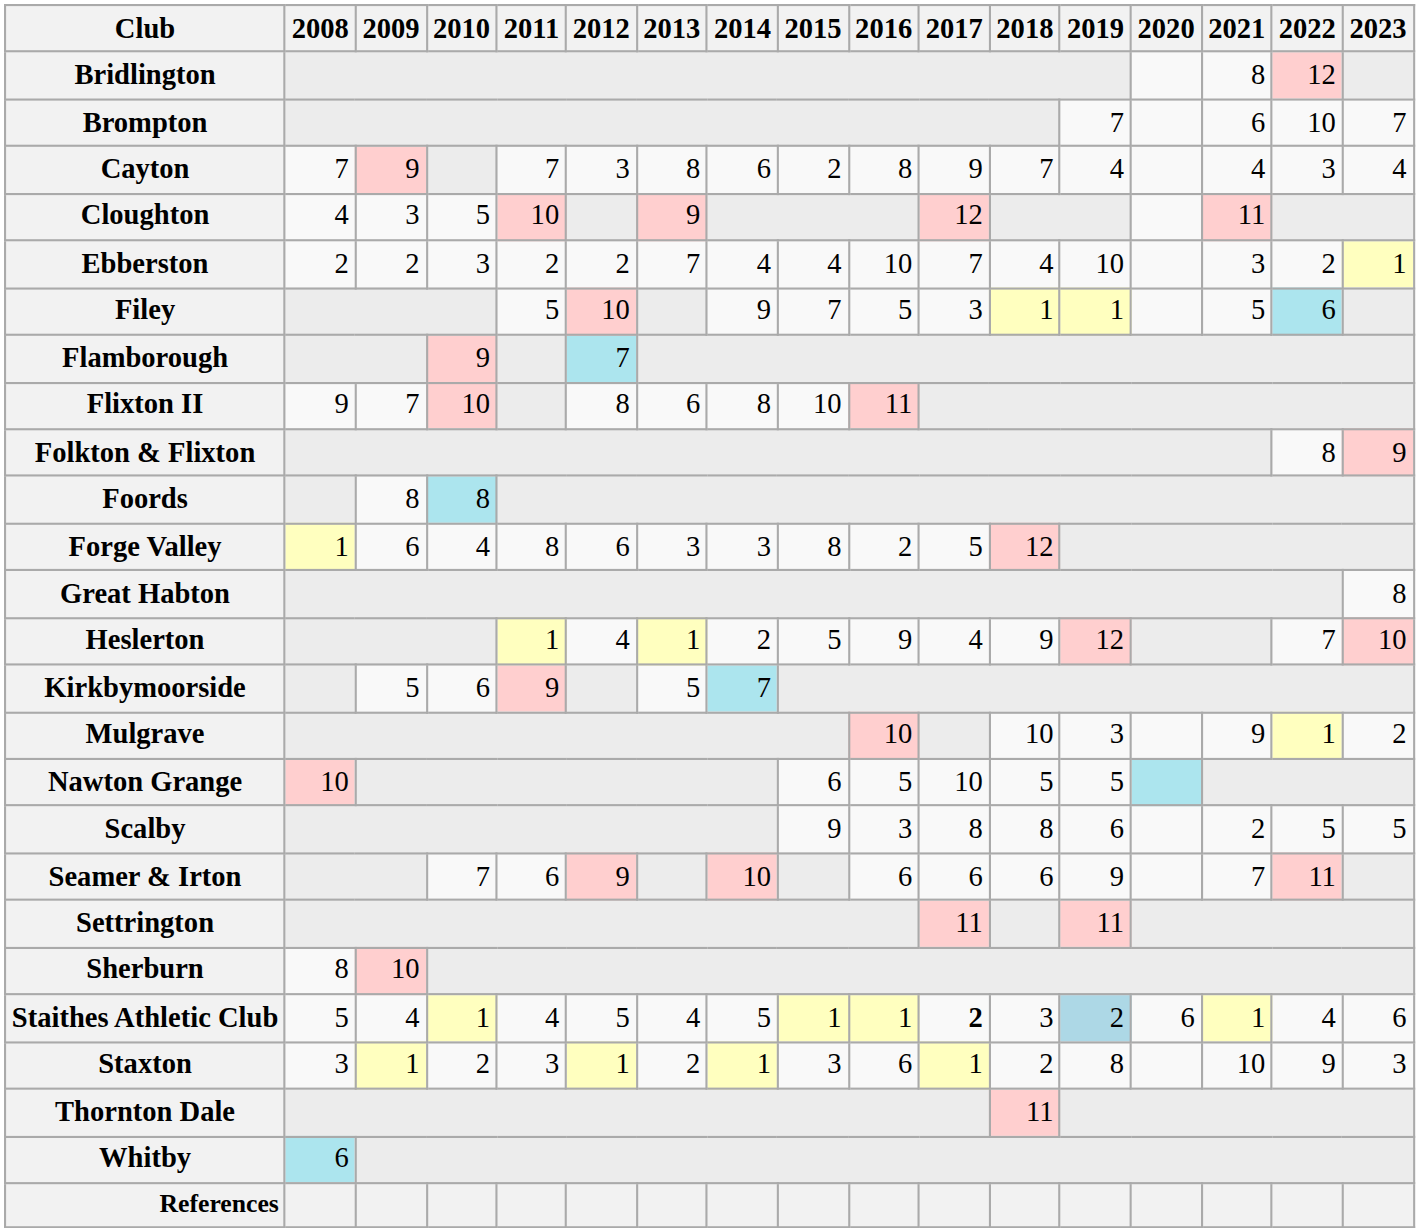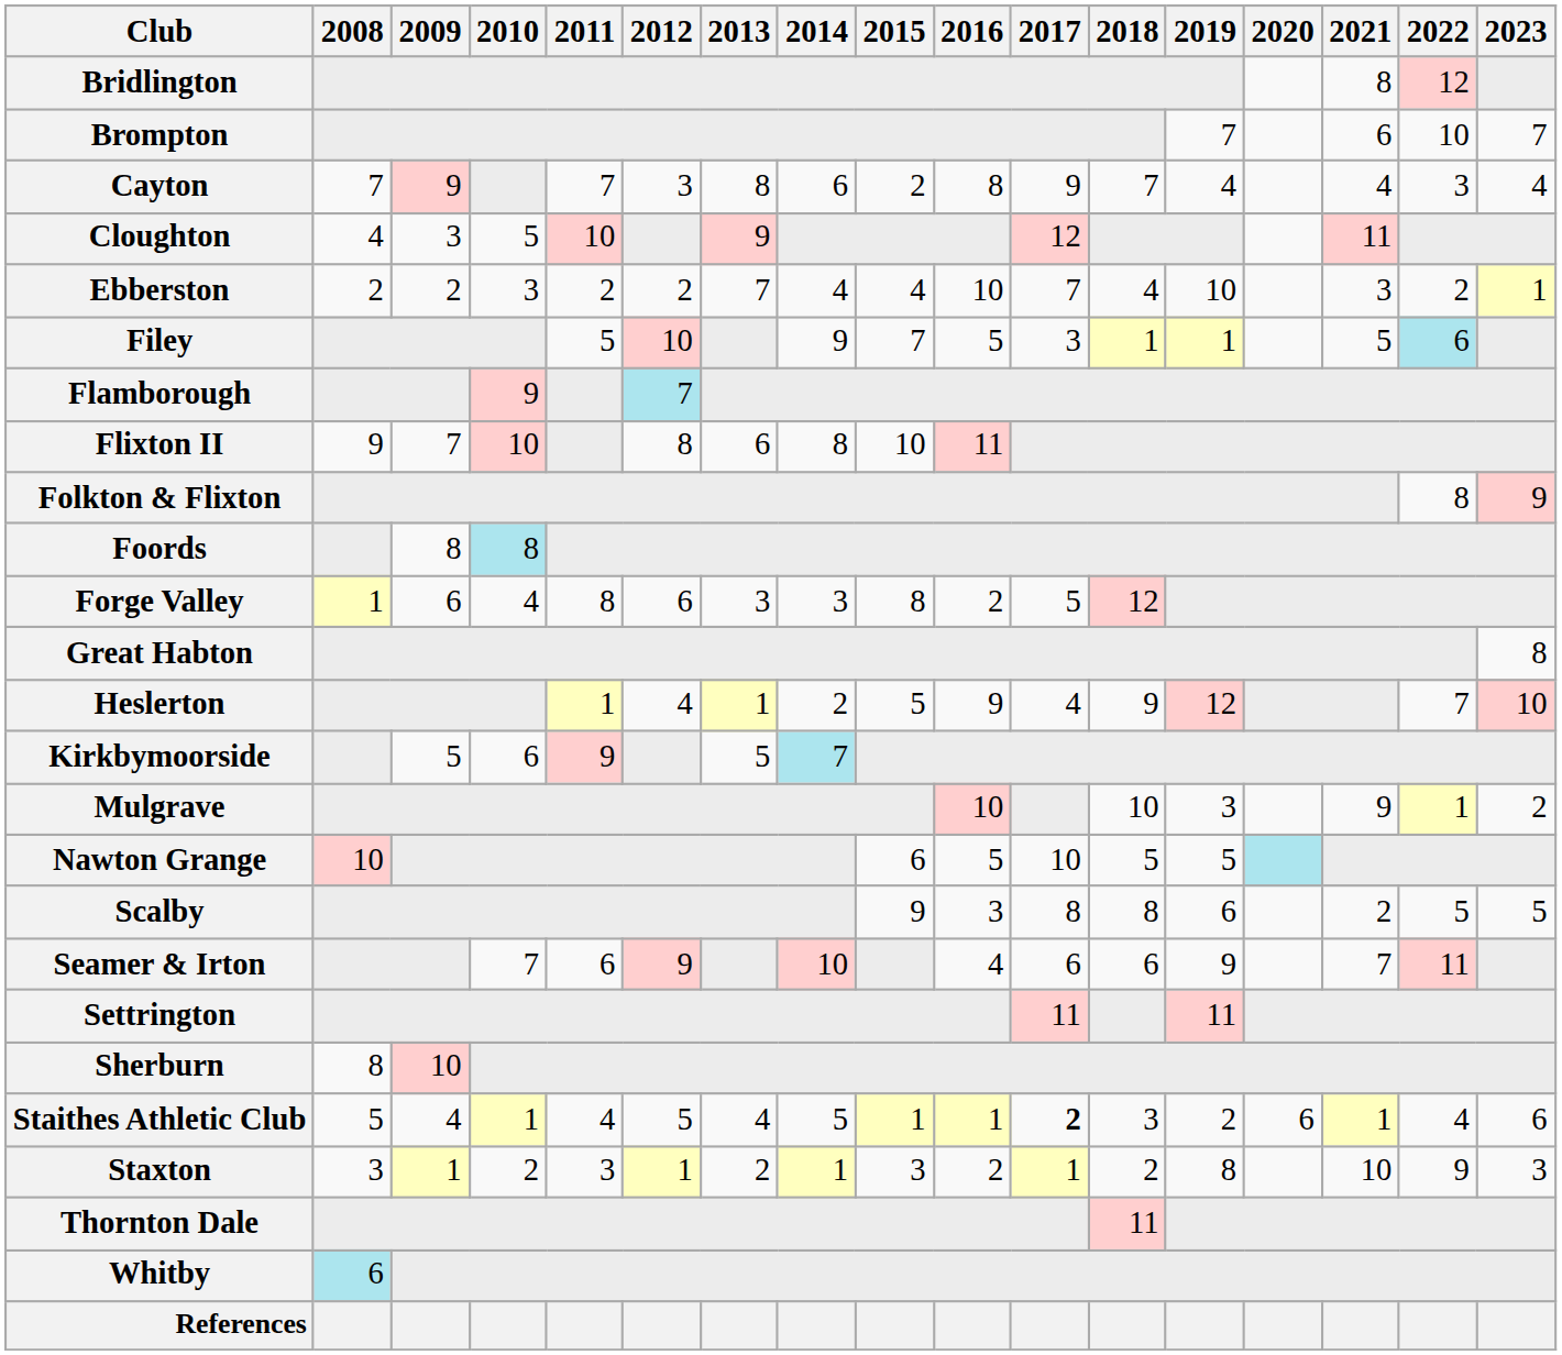 <table class="wikitable plainrowheaders" style="font-size:85%; text-align: right;">
 <tr>
 <th scope="col">Club</th>
 <th scope="col">2008</th>
 <th scope="col">2009</th>
 <th scope="col">2010</th>
 <th scope="col">2011</th>
 <th scope="col">2012</th>
 <th scope="col">2013</th>
 <th scope="col">2014</th>
 <th scope="col">2015</th>
 <th scope="col">2016</th>
 <th scope="col">2017</th>
 <th scope="col">2018</th>
 <th scope="col">2019</th>
 <th scope="col">2020</th>
 <th scope="col">2021</th>
 <th scope="col">2022</th>
 <th scope="col">2023</th>
 </tr>
 <tr>
 <th scope="row">Bridlington</th>
 <td bgcolor="#ececec" colspan="12"></td>
 <td></td>
 <td>8</td>
 <td bgcolor="#ffcfcf">12</td>
 <td bgcolor="#ececec" colspan="1"></td>
 </tr>
 <tr>
 <th scope="row">Brompton</th>
 <td bgcolor="#ececec" colspan="11"></td>
 <td>7</td>
 <td></td>
 <td>6</td>
 <td>10</td>
 <td>7</td>
 </tr>
 <tr>
 <th scope="row">Cayton</th>
 <td>7</td>
 <td bgcolor="#ffcfcf">9</td>
 <td bgcolor="#ececec"></td>
 <td>7</td>
 <td>3</td>
 <td>8</td>
 <td>6</td>
 <td>2</td>
 <td>8</td>
 <td>9</td>
 <td>7</td>
 <td>4</td>
 <td></td>
 <td>4</td>
 <td>3</td>
 <td>4</td>
 </tr>
 <tr>
 <th scope="row">Cloughton</th>
 <td>4</td>
 <td>3</td>
 <td>5</td>
 <td bgcolor="#ffcfcf">10</td>
 <td bgcolor="#ececec"></td>
 <td bgcolor="#ffcfcf">9</td>
 <td bgcolor="#ececec" colspan="3"></td>
 <td bgcolor="#ffcfcf">12</td>
 <td bgcolor="#ececec" colspan="2"></td>
 <td></td>
 <td bgcolor="#ffcfcf">11</td>
 <td bgcolor="#ececec" colspan="2"></td>
 </tr>
 <tr>
 <th scope="row">Ebberston</th>
 <td>2</td>
 <td>2</td>
 <td>3</td>
 <td>2</td>
 <td>2</td>
 <td>7</td>
 <td>4</td>
 <td>4</td>
 <td>10</td>
 <td>7</td>
 <td>4</td>
 <td>10</td>
 <td></td>
 <td>3</td>
 <td>2</td>
 <td bgcolor="#ffffbf">1</td>
 </tr>
 <tr>
 <th scope="row">Filey</th>
 <td bgcolor="#ececec" colspan="3"></td>
 <td>5</td>
 <td bgcolor="#ffcfcf">10</td>
 <td bgcolor="#ececec"></td>
 <td>9</td>
 <td>7</td>
 <td>5</td>
 <td>3</td>
 <td bgcolor="#ffffbf">1</td>
 <td bgcolor="#ffffbf">1</td>
 <td></td>
 <td>5</td>
 <td bgcolor="#ace5ee">6</td>
 <td bgcolor="#ececec" colspan="1"></td>
 </tr>
 <tr>
 <th scope="row">Flamborough</th>
 <td bgcolor="#ececec" colspan="2"></td>
 <td bgcolor="#ffcfcf">9</td>
 <td bgcolor="#ececec"></td>
 <td bgcolor="#ace5ee">7</td>
 <td bgcolor="#ececec" colspan="11"></td>
 </tr>
 <tr>
 <th scope="row">Flixton II</th>
 <td>9</td>
 <td>7</td>
 <td bgcolor="#ffcfcf">10</td>
 <td bgcolor="#ececec"></td>
 <td>8</td>
 <td>6</td>
 <td>8</td>
 <td>10</td>
 <td bgcolor="#ffcfcf">11</td>
 <td bgcolor="#ececec" colspan="7"></td>
 </tr>
 <tr>
 <th scope="row">Folkton & Flixton</th>
 <td bgcolor="#ececec" colspan="14"></td>
 <td>8</td>
 <td bgcolor="#ffcfcf">9</td>
 </tr>
 <tr>
 <th scope="row">Foords</th>
 <td bgcolor="#ececec"></td>
 <td>8</td>
 <td bgcolor="#ace5ee">8</td>
 <td bgcolor="#ececec" colspan="13"></td>
 </tr>
 <tr>
 <th scope="row">Forge Valley</th>
 <td bgcolor="#ffffbf">1</td>
 <td>6</td>
 <td>4</td>
 <td>8</td>
 <td>6</td>
 <td>3</td>
 <td>3</td>
 <td>8</td>
 <td>2</td>
 <td>5</td>
 <td bgcolor="#ffcfcf">12</td>
 <td bgcolor="#ececec" colspan="7"></td>
 </tr>
 <tr>
 <th scope="row">Great Habton</th>
 <td bgcolor="#ececec" colspan="15"></td>
 <td>8</td>
 </tr>
 <tr>
 <th scope="row">Heslerton</th>
 <td bgcolor="#ececec" colspan="3"></td>
 <td bgcolor="#ffffbf">1</td>
 <td>4</td>
 <td bgcolor="#ffffbf">1</td>
 <td>2</td>
 <td>5</td>
 <td>9</td>
 <td>4</td>
 <td>9</td>
 <td bgcolor="#ffcfcf">12</td>
 <td bgcolor="#ececec" colspan="2"></td>
 <td>7</td>
 <td bgcolor="#ffcfcf">10</td>
 </tr>
 <tr>
 <th scope="row">Kirkbymoorside</th>
 <td bgcolor="#ececec"></td>
 <td>5</td>
 <td>6</td>
 <td bgcolor="#ffcfcf">9</td>
 <td bgcolor="#ececec"></td>
 <td>5</td>
 <td bgcolor="#ace5ee">7</td>
 <td bgcolor="#ececec" colspan="9"></td>
 </tr>
 <tr>
 <th scope="row">Mulgrave</th>
 <td bgcolor="#ececec" colspan="8"></td>
 <td bgcolor="#ffcfcf">10</td>
 <td bgcolor="#ececec"></td>
 <td>10</td>
 <td>3</td>
 <td></td>
 <td>9</td>
 <td bgcolor="#ffffbf">1</td>
 <td>2</td>
 </tr>
 <tr>
 <th scope="row">Nawton Grange</th>
 <td bgcolor="#ffcfcf">10</td>
 <td bgcolor="#ececec" colspan="6"></td>
 <td>6</td>
 <td>5</td>
 <td>10</td>
 <td>5</td>
 <td>5</td>
 <td bgcolor="#ace5ee"></td>
 <td bgcolor="#ececec" colspan="3"></td>
 </tr>
 <tr>
 <th scope="row">Scalby</th>
 <td bgcolor="#ececec" colspan="7"></td>
 <td>9</td>
 <td>3</td>
 <td>8</td>
 <td>8</td>
 <td>6</td>
 <td></td>
 <td>2</td>
 <td>5</td>
 <td>5</td>
 </tr>
 <tr>
 <th scope="row">Seamer & Irton</th>
 <td bgcolor="#ececec" colspan="2"></td>
 <td>7</td>
 <td>6</td>
 <td bgcolor="#ffcfcf">9</td>
 <td bgcolor="#ececec"></td>
 <td bgcolor="#ffcfcf">10</td>
 <td bgcolor="#ececec"></td>
-<td>6</td>
+<td>4</td>
 <td>6</td>
 <td>6</td>
 <td>9</td>
 <td></td>
 <td>7</td>
 <td bgcolor="#ffcfcf">11</td>
 <td bgcolor="#ececec" colspan="1"></td>
 </tr>
 <tr>
 <th scope="row">Settrington</th>
 <td bgcolor="#ececec" colspan="9"></td>
 <td bgcolor="#ffcfcf">11</td>
 <td bgcolor="#ececec"></td>
 <td bgcolor="#ffcfcf">11</td>
 <td bgcolor="#ececec" colspan="4"></td>
 </tr>
 <tr>
 <th scope="row">Sherburn</th>
 <td>8</td>
 <td bgcolor="#ffcfcf">10</td>
 <td bgcolor="#ececec" colspan="14"></td>
 </tr>
 <tr>
 <th scope="row">Staithes Athletic Club</th>
 <td>5</td>
 <td>4</td>
 <td bgcolor="#ffffbf">1</td>
 <td>4</td>
 <td>5</td>
 <td>4</td>
 <td>5</td>
 <td bgcolor="#ffffbf">1</td>
 <td bgcolor="#ffffbf">1</td>
 <td><strong>2</strong></td>
 <td>3</td>
-<td style="background: lightblue;">2</td>
+<td>2</td>
 <td>6</td>
 <td bgcolor="#ffffbf">1</td>
 <td>4</td>
 <td>6</td>
 </tr>
 <tr>
 <th scope="row">Staxton</th>
 <td>3</td>
 <td bgcolor="#ffffbf">1</td>
 <td>2</td>
 <td>3</td>
 <td bgcolor="#ffffbf">1</td>
 <td>2</td>
 <td bgcolor="#ffffbf">1</td>
 <td>3</td>
-<td>6</td>
+<td>2</td>
 <td bgcolor="#ffffbf">1</td>
 <td>2</td>
 <td>8</td>
 <td></td>
 <td>10</td>
 <td>9</td>
 <td>3</td>
 </tr>
 <tr>
 <th scope="row">Thornton Dale</th>
 <td bgcolor="#ececec" colspan="10"></td>
 <td bgcolor="#ffcfcf">11</td>
 <td bgcolor="#ececec" colspan="5"></td>
 </tr>
 <tr>
 <th scope="row">Whitby</th>
 <td bgcolor="#ace5ee">6</td>
 <td bgcolor="#ececec" colspan="15"></td>
 </tr>
 <tr style="font-size:90%; text-align:center">
 <th scope="row" style="text-align: right">References</th>
 <th scope="col"></th>
 <th scope="col"></th>
 <th scope="col"></th>
 <th scope="col"></th>
 <th scope="col"></th>
 <th scope="col"></th>
 <th scope="col"></th>
 <th scope="col"></th>
 <th scope="col"></th>
 <th scope="col"></th>
 <th scope="col"></th>
 <th scope="col"></th>
 <th scope="col"></th>
 <th scope="col"></th>
 <th scope="col"></th>
 <th scope="col"></th>
 </tr>
 </table>
